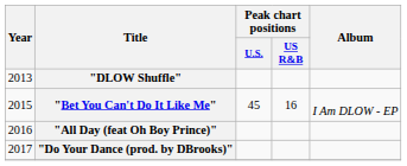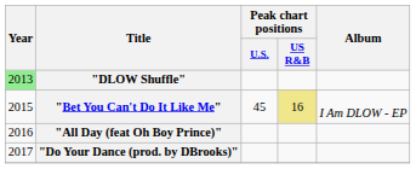 <table class="wikitable plainrowheaders" style="text-align:center;">
 <tr>
 <th scope="col" rowspan="2">Year</th>
 <th scope="col" rowspan="2">Title</th>
 <th scope="col" colspan="2">Peak chart positions</th>
 <th scope="col" rowspan="2">Album</th>
 </tr>
 <tr>
 <th scope="col" style="width:3em;font-size:85%;"><a href='#'>U.S.</a><br></th>
 <th scope="col" style="width:3em;font-size:90%;"><a href='#'>US R&B</a><br></th>
 </tr>
 <tr>
-<td>2013</td>
+<td style="background: lightgreen;">2013</td>
 <th scope="row">"DLOW Shuffle"</th>
 <td></td>
 <td></td>
 <td></td>
 </tr>
 <tr>
 <td>2015</td>
 <th scope="row">"<a href='#'>Bet You Can't Do It Like Me</a>"</th>
 <td>45</td>
-<td>16</td>
+<td style="background: khaki;">16</td>
 <td><br><em>I Am DLOW - EP</em></td>
 </tr>
 <tr>
 <td>2016</td>
 <th scope="row">"All Day (feat Oh Boy Prince)"</th>
 <td></td>
 <td></td>
 <td></td>
 </tr>
 <tr>
 <td>2017</td>
 <th scope="row">"Do Your Dance (prod. by DBrooks)"</th>
 <td></td>
 <td></td>
 <td></td>
 </tr>
 <tr>
 </tr>
 </table>
